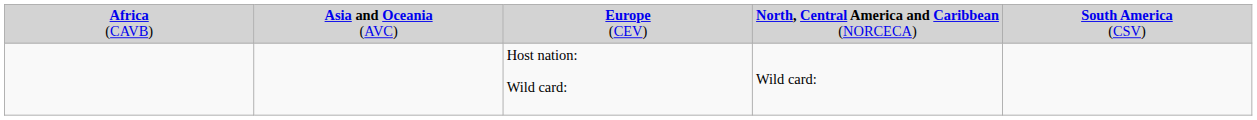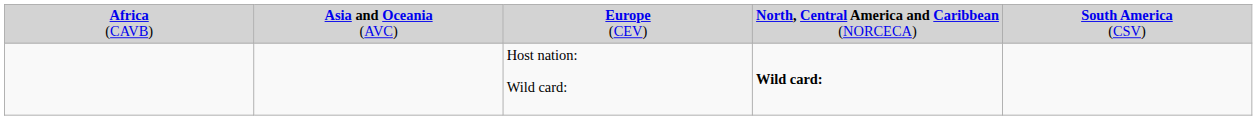 <table class="wikitable">
 <tr style="background:Lightgrey;">
 <td style="width:20%; text-align:center;"><strong><a href='#'>Africa</a></strong><br>(<a href='#'>CAVB</a>)</td>
 <td style="width:20%; text-align:center;"><strong><a href='#'>Asia</a> and <a href='#'>Oceania</a></strong><br>(<a href='#'>AVC</a>)</td>
 <td style="width:20%; text-align:center;"><strong><a href='#'>Europe</a></strong><br>(<a href='#'>CEV</a>)</td>
 <td style="width:20%; text-align:center;"><strong><a href='#'>North</a>, <a href='#'>Central</a> America and <a href='#'>Caribbean</a></strong><br>(<a href='#'>NORCECA</a>)</td>
 <td style="width:20%; text-align:center;"><strong><a href='#'>South America</a><br></strong>(<a href='#'>CSV</a>)</td>
 </tr>
 <tr>
 <td></td>
 <td></td>
 <td>Host nation: <br><br>Wild card: <br><br></td>
-<td>Wild card: <br></td>
+<td><strong>Wild card: <br></strong></td>
 <td></td>
 </tr>
 </table>
